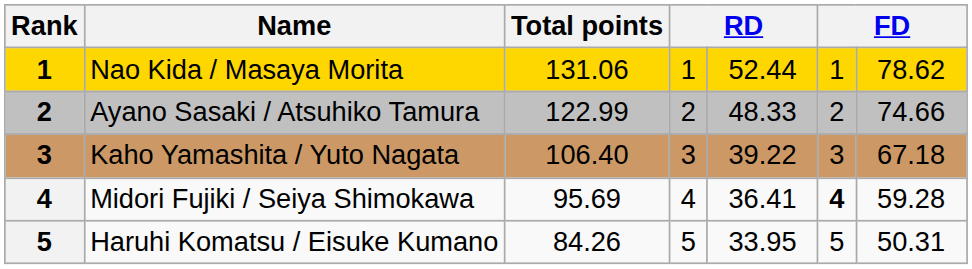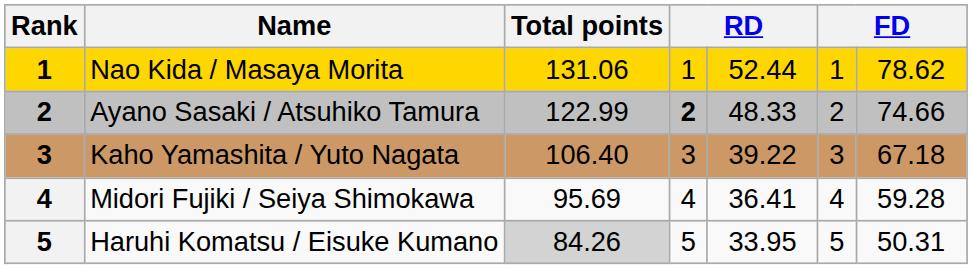 <table class="wikitable sortable">
 <tr>
 <th>Rank</th>
 <th>Name</th>
 <th>Total points</th>
 <th colspan="2" width="80px"><a href='#'>RD</a></th>
 <th colspan="2" width="80px"><a href='#'>FD</a></th>
 </tr>
 <tr bgcolor="gold">
 <td align="center"><strong>1</strong></td>
 <td>Nao Kida / Masaya Morita</td>
 <td align="center">131.06</td>
 <td align="center">1</td>
 <td align="center">52.44</td>
 <td align="center">1</td>
 <td align="center">78.62</td>
 </tr>
 <tr bgcolor="silver">
 <td align="center"><strong>2</strong></td>
 <td>Ayano Sasaki / Atsuhiko Tamura</td>
 <td align="center">122.99</td>
-<td align="center">2</td>
+<td align="center"><strong>2</strong></td>
 <td align="center">48.33</td>
 <td align="center">2</td>
 <td align="center">74.66</td>
 </tr>
 <tr bgcolor="cc9966">
 <td align="center"><strong>3</strong></td>
 <td>Kaho Yamashita / Yuto Nagata</td>
 <td align="center">106.40</td>
 <td align="center">3</td>
 <td align="center">39.22</td>
 <td align="center">3</td>
 <td align="center">67.18</td>
 </tr>
 <tr>
 <th>4</th>
 <td>Midori Fujiki / Seiya Shimokawa</td>
 <td align="center">95.69</td>
 <td align="center">4</td>
 <td align="center">36.41</td>
-<td align="center"><strong>4</strong></td>
+<td align="center">4</td>
 <td align="center">59.28</td>
 </tr>
 <tr>
 <th>5</th>
 <td>Haruhi Komatsu / Eisuke Kumano</td>
-<td align="center">84.26</td>
+<td align="center" style="background: lightgrey;">84.26</td>
 <td align="center">5</td>
 <td align="center">33.95</td>
 <td align="center">5</td>
 <td align="center">50.31</td>
 </tr>
 </table>
